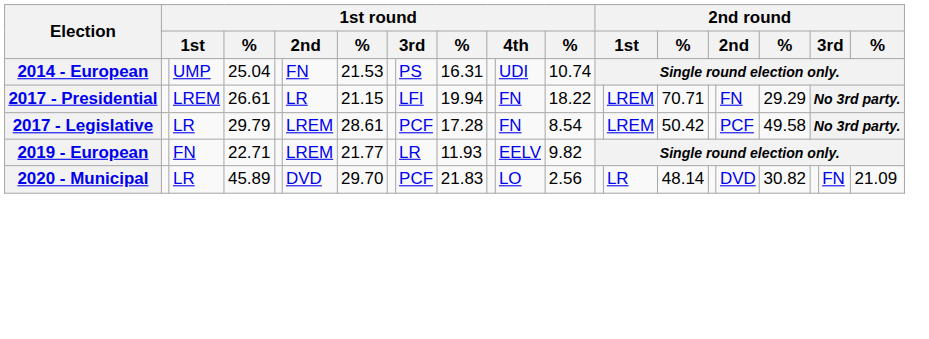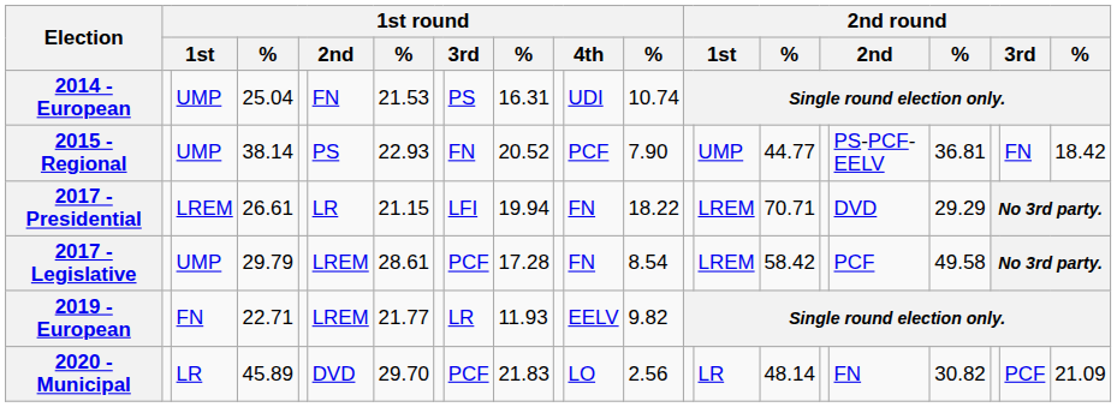 <table class="wikitable">
 <tr>
 <th rowspan="2">Election</th>
 <th colspan="12">1st round</th>
 <th colspan="9">2nd round</th>
 </tr>
 <tr>
 <th colspan="2">1st</th>
 <th>%</th>
 <th colspan="2">2nd</th>
 <th>%</th>
 <th colspan="2">3rd</th>
 <th>%</th>
 <th colspan="2">4th</th>
 <th>%</th>
 <th colspan="2">1st</th>
 <th>%</th>
 <th colspan="2">2nd</th>
 <th>%</th>
 <th colspan="2">3rd</th>
 <th>%</th>
 </tr>
 <tr>
 <th><a href='#'>2014 - European</a></th>
 <td style="background:"></td>
 <td><a href='#'>UMP</a></td>
 <td>25.04</td>
 <td style="background:"></td>
 <td><a href='#'>FN</a></td>
 <td>21.53</td>
 <td style="background:"></td>
 <td><a href='#'>PS</a></td>
 <td>16.31</td>
 <td style="background:"></td>
 <td><a href='#'>UDI</a></td>
 <td>10.74</td>
 <th colspan="9"><em><small>Single round election only.</small></em></th>
 </tr>
 <tr>
+<th><a href='#'>2015 - Regional</a></th>
+<td style="background:"></td>
+<td><a href='#'>UMP</a></td>
+<td>38.14</td>
+<td style="background:"></td>
+<td><a href='#'>PS</a></td>
+<td>22.93</td>
+<td style="background:"></td>
+<td><a href='#'>FN</a></td>
+<td>20.52</td>
+<td style="background:"></td>
+<td><a href='#'>PCF</a></td>
+<td>7.90</td>
+<td style="background:"></td>
+<td><a href='#'>UMP</a></td>
+<td>44.77</td>
+<td style="background:"></td>
+<td><a href='#'>PS</a>-<a href='#'>PCF</a>-<a href='#'>EELV</a></td>
+<td>36.81</td>
+<td style="background:"></td>
+<td><a href='#'>FN</a></td>
+<td>18.42</td>
+</tr>
+<tr>
 <th><a href='#'>2017 - Presidential</a></th>
 <td style="background:"></td>
 <td><a href='#'>LREM</a></td>
 <td>26.61</td>
 <td style="background:"></td>
 <td><a href='#'>LR</a></td>
 <td>21.15</td>
 <td style="background:"></td>
 <td><a href='#'>LFI</a></td>
 <td>19.94</td>
 <td style="background:"></td>
 <td><a href='#'>FN</a></td>
 <td>18.22</td>
 <td style="background:"></td>
 <td><a href='#'>LREM</a></td>
 <td>70.71</td>
 <td style="background:"></td>
-<td><a href='#'>FN</a></td>
+<td><a href='#'>DVD</a></td>
 <td>29.29</td>
 <th colspan="3"><em><small>No 3rd party.</small></em></th>
 </tr>
 <tr>
 <th><a href='#'>2017 - Legislative</a></th>
 <td style="background:"></td>
-<td><a href='#'>LR</a></td>
+<td><a href='#'>UMP</a></td>
 <td>29.79</td>
 <td style="background:"></td>
 <td><a href='#'>LREM</a></td>
 <td>28.61</td>
 <td style="background:"></td>
 <td><a href='#'>PCF</a></td>
 <td>17.28</td>
 <td style="background:"></td>
 <td><a href='#'>FN</a></td>
 <td>8.54</td>
 <td style="background:"></td>
 <td><a href='#'>LREM</a></td>
-<td>50.42</td>
+<td>58.42</td>
 <td style="background:"></td>
 <td><a href='#'>PCF</a></td>
 <td>49.58</td>
 <th colspan="3"><em><small>No 3rd party.</small></em></th>
 </tr>
 <tr>
 <th><a href='#'>2019 - European</a></th>
 <td style="background:"></td>
 <td><a href='#'>FN</a></td>
 <td>22.71</td>
 <td style="background:"></td>
 <td><a href='#'>LREM</a></td>
 <td>21.77</td>
 <td style="background:"></td>
 <td><a href='#'>LR</a></td>
 <td>11.93</td>
 <td style="background:"></td>
 <td><a href='#'>EELV</a></td>
 <td>9.82</td>
 <th colspan="9"><em><small>Single round election only.</small></em></th>
 </tr>
 <tr>
 <th><a href='#'>2020 - Municipal</a></th>
 <td style="background:"></td>
 <td><a href='#'>LR</a></td>
 <td>45.89</td>
 <td style="background:"></td>
 <td><a href='#'>DVD</a></td>
 <td>29.70</td>
 <td style="background:"></td>
 <td><a href='#'>PCF</a></td>
 <td>21.83</td>
 <td style="background:"></td>
 <td><a href='#'>LO</a></td>
 <td>2.56</td>
 <td style="background:"></td>
 <td><a href='#'>LR</a></td>
 <td>48.14</td>
 <td style="background:"></td>
-<td><a href='#'>DVD</a></td>
+<td><a href='#'>FN</a></td>
 <td>30.82</td>
 <td style="background:"></td>
-<td><a href='#'>FN</a></td>
+<td><a href='#'>PCF</a></td>
 <td>21.09</td>
 </tr>
 </table>
